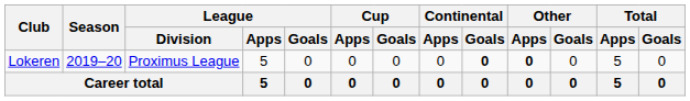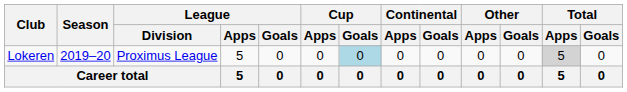 <table class="wikitable" style="text-align:center">
 <tr>
 <th rowspan="2">Club</th>
 <th rowspan="2">Season</th>
 <th colspan="3">League</th>
 <th colspan="2">Cup</th>
 <th colspan="2">Continental</th>
 <th colspan="2">Other</th>
 <th colspan="2">Total</th>
 </tr>
 <tr>
 <th>Division</th>
 <th>Apps</th>
 <th>Goals</th>
 <th>Apps</th>
 <th>Goals</th>
 <th>Apps</th>
 <th>Goals</th>
 <th>Apps</th>
 <th>Goals</th>
 <th>Apps</th>
 <th>Goals</th>
 </tr>
 <tr>
 <td><a href='#'>Lokeren</a></td>
 <td><a href='#'>2019–20</a></td>
 <td><a href='#'>Proximus League</a></td>
 <td>5</td>
 <td>0</td>
 <td>0</td>
+<td style="background: lightblue;">0</td>
 <td>0</td>
 <td>0</td>
-<td><strong>0</strong></td>
-<td><strong>0</strong></td>
 <td>0</td>
-<td>5</td>
+<td>0</td>
+<td style="background: lightgrey;">5</td>
 <td>0</td>
 </tr>
 <tr>
 <th colspan="3">Career total</th>
 <th>5</th>
 <th>0</th>
 <th>0</th>
 <th>0</th>
 <th>0</th>
 <th>0</th>
 <th>0</th>
 <th>0</th>
 <th>5</th>
 <th>0</th>
 </tr>
 </table>
